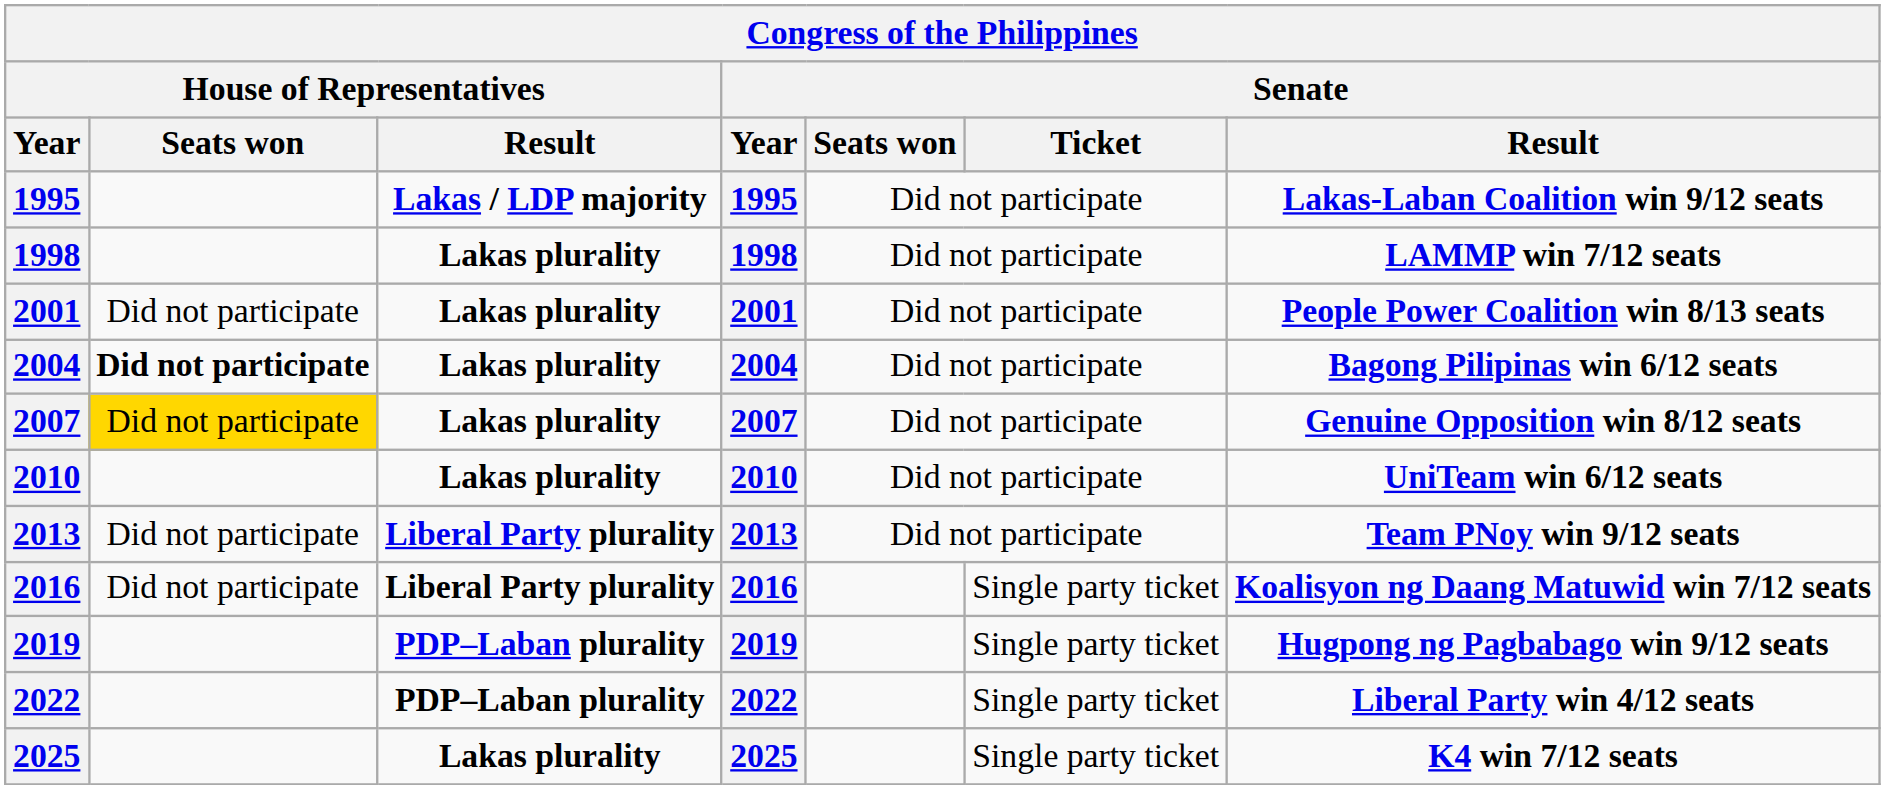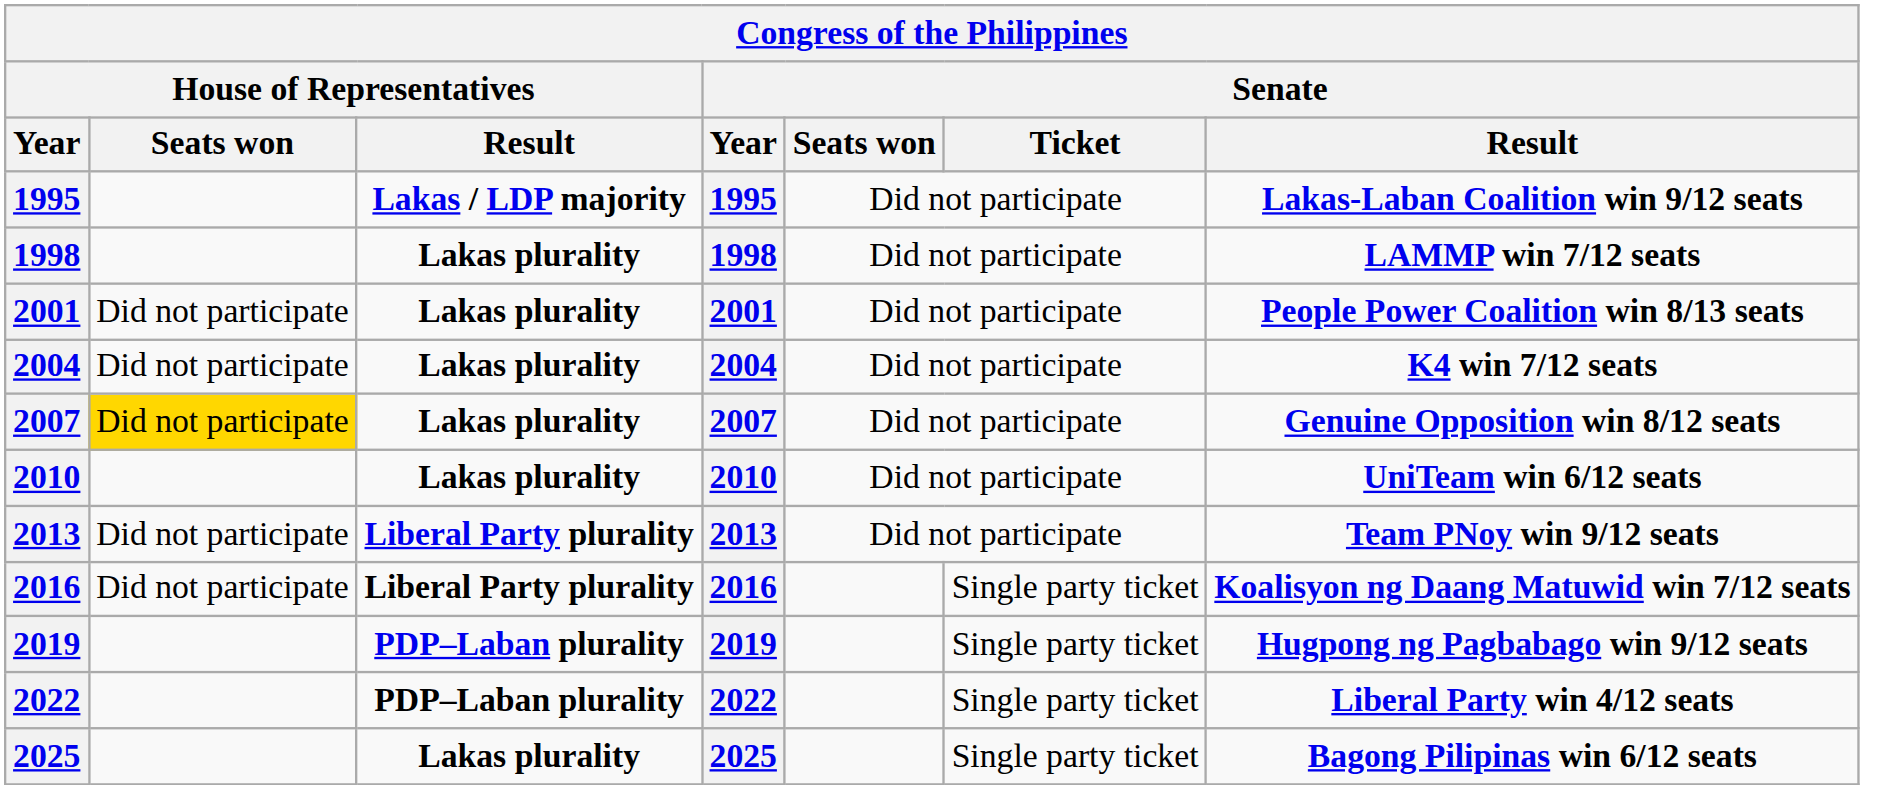 <table class="wikitable" style="text-align:center; font-size:90%">
 <tr>
 <th colspan=7><a href='#'>Congress of the Philippines</a></th>
 </tr>
 <tr>
 <th colspan="3">House of Representatives</th>
 <th colspan="4">Senate</th>
 </tr>
 <tr>
 <th>Year</th>
 <th>Seats won</th>
 <th>Result</th>
 <th>Year</th>
 <th>Seats won</th>
 <th>Ticket</th>
 <th>Result</th>
 </tr>
 <tr>
 <th><a href='#'>1995</a></th>
 <td></td>
 <td><strong><a href='#'>Lakas</a> / <a href='#'>LDP</a> majority</strong></td>
 <th><a href='#'>1995</a></th>
 <td colspan=2>Did not participate</td>
 <td><strong><a href='#'>Lakas-Laban Coalition</a> win 9/12 seats</strong></td>
 </tr>
 <tr>
 <th><a href='#'>1998</a></th>
 <td></td>
 <td><strong>Lakas plurality</strong></td>
 <th><a href='#'>1998</a></th>
 <td colspan=2>Did not participate</td>
 <td><strong><a href='#'>LAMMP</a> win 7/12 seats</strong></td>
 </tr>
 <tr>
 <th><a href='#'>2001</a></th>
 <td>Did not participate</td>
 <td><strong>Lakas plurality</strong></td>
 <th><a href='#'>2001</a></th>
 <td colspan=2>Did not participate</td>
 <td><strong><a href='#'>People Power Coalition</a> win 8/13 seats</strong></td>
 </tr>
 <tr>
 <th><a href='#'>2004</a></th>
-<td><strong>Did not participate</strong></td>
+<td>Did not participate</td>
 <td><strong>Lakas plurality</strong></td>
 <th><a href='#'>2004</a></th>
 <td colspan=2>Did not participate</td>
-<td><strong><a href='#'>Bagong Pilipinas</a> win 6/12 seats</strong></td>
+<td><strong><a href='#'>K4</a> win 7/12 seats</strong></td>
 </tr>
 <tr>
 <th><a href='#'>2007</a></th>
 <td style="background: gold;">Did not participate</td>
 <td><strong>Lakas plurality</strong></td>
 <th><a href='#'>2007</a></th>
 <td colspan=2>Did not participate</td>
 <td><strong><a href='#'>Genuine Opposition</a> win 8/12 seats</strong></td>
 </tr>
 <tr>
 <th><a href='#'>2010</a></th>
 <td></td>
 <td><strong>Lakas plurality</strong></td>
 <th><a href='#'>2010</a></th>
 <td colspan=2>Did not participate</td>
 <td><strong><a href='#'>UniTeam</a> win 6/12 seats</strong></td>
 </tr>
 <tr>
 <th><a href='#'>2013</a></th>
 <td>Did not participate</td>
 <td><strong><a href='#'>Liberal Party</a> plurality</strong></td>
 <th><a href='#'>2013</a></th>
 <td colspan=2>Did not participate</td>
 <td><strong><a href='#'>Team PNoy</a> win 9/12 seats</strong></td>
 </tr>
 <tr>
 <th><a href='#'>2016</a></th>
 <td>Did not participate</td>
 <td><strong>Liberal Party plurality</strong></td>
 <th><a href='#'>2016</a></th>
 <td></td>
 <td>Single party ticket</td>
 <td><strong><a href='#'>Koalisyon ng Daang Matuwid</a> win 7/12 seats</strong></td>
 </tr>
 <tr>
 <th><a href='#'>2019</a></th>
 <td></td>
 <td><strong><a href='#'>PDP–Laban</a> plurality</strong></td>
 <th><a href='#'>2019</a></th>
 <td></td>
 <td>Single party ticket</td>
 <td><strong><a href='#'>Hugpong ng Pagbabago</a> win 9/12 seats</strong></td>
 </tr>
 <tr>
 <th><a href='#'>2022</a></th>
 <td></td>
 <td><strong>PDP–Laban plurality</strong></td>
 <th><a href='#'>2022</a></th>
 <td></td>
 <td>Single party ticket</td>
 <td><strong><a href='#'>Liberal Party</a> win 4/12 seats</strong></td>
 </tr>
 <tr>
 <th><a href='#'>2025</a></th>
 <td></td>
 <td><strong>Lakas plurality</strong></td>
 <th><a href='#'>2025</a></th>
 <td></td>
 <td>Single party ticket</td>
-<td><strong><a href='#'>K4</a> win 7/12 seats</strong></td>
+<td><strong><a href='#'>Bagong Pilipinas</a> win 6/12 seats</strong></td>
 </tr>
 </table>
